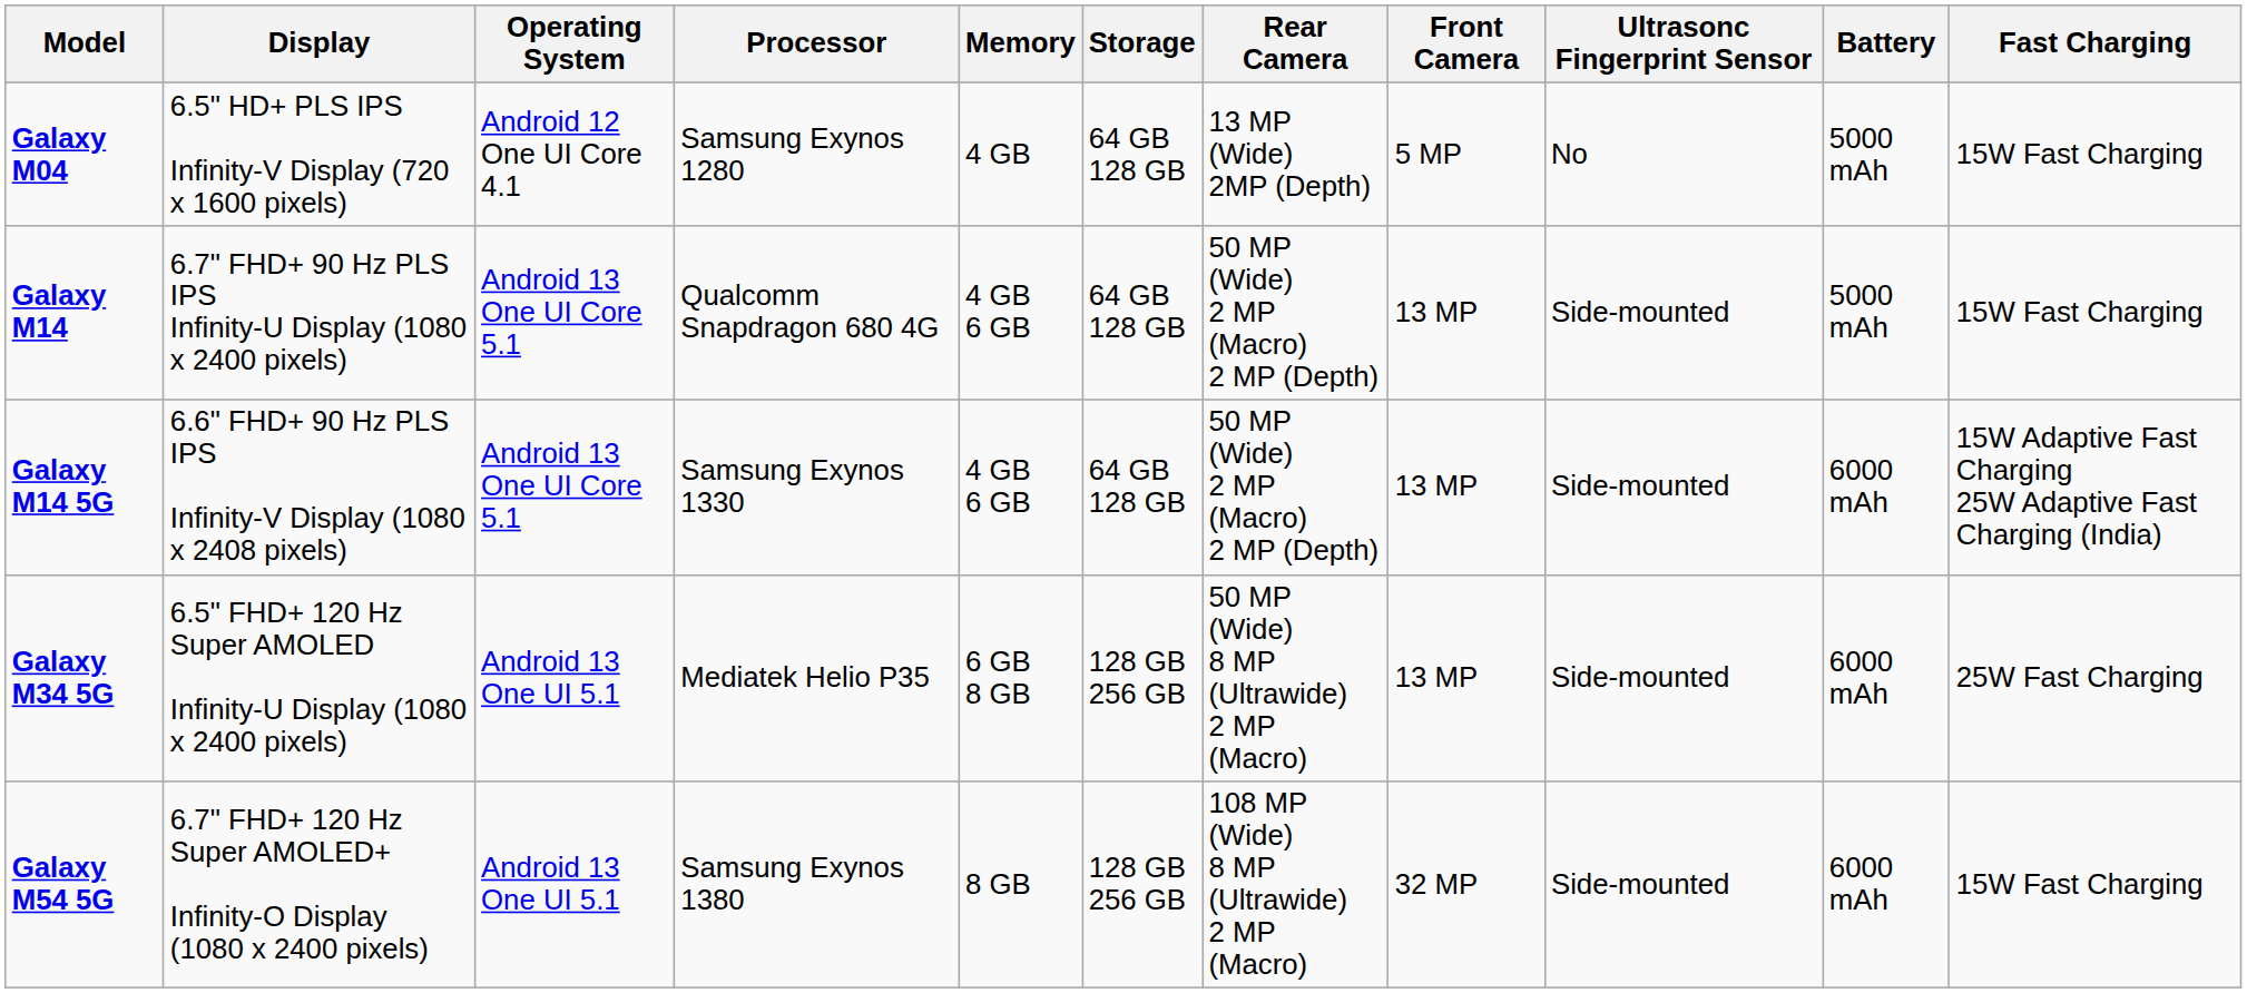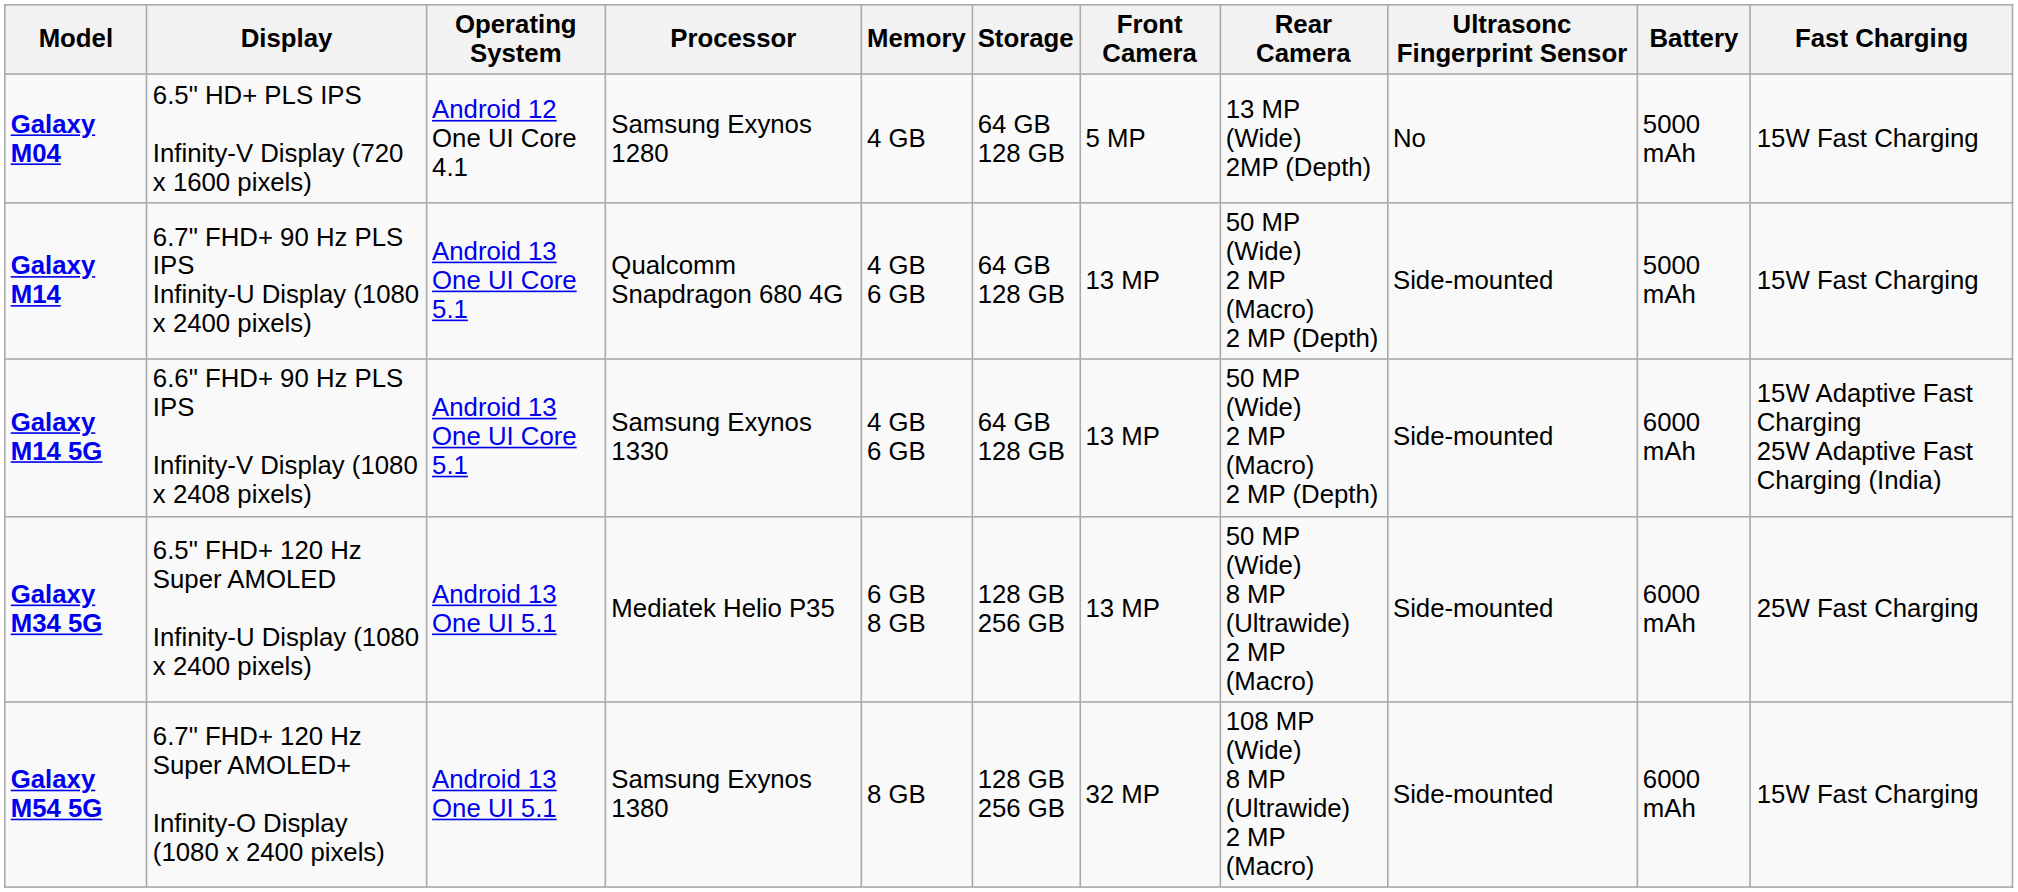 <table class="wikitable" style="margin-bottom: 10px;">
 <tr>
 <th>Model</th>
 <th>Display</th>
 <th>Operating System</th>
 <th>Processor</th>
 <th>Memory</th>
 <th>Storage</th>
+<th>Front Camera</th>
 <th>Rear Camera</th>
-<th>Front Camera</th>
 <th>Ultrasonc Fingerprint Sensor</th>
 <th>Battery</th>
 <th>Fast Charging</th>
 </tr>
 <tr>
 <td><strong><a href='#'>Galaxy M04</a></strong></td>
 <td>6.5" HD+ PLS IPS<br><br>Infinity-V Display (720 x 1600 pixels)</td>
 <td><a href='#'>Android 12</a><br>One UI Core 4.1</td>
 <td>Samsung Exynos 1280</td>
 <td>4 GB</td>
 <td>64 GB<br>128 GB</td>
+<td>5 MP</td>
 <td>13 MP (Wide)<br>2MP (Depth)</td>
-<td>5 MP</td>
 <td>No</td>
 <td>5000 mAh</td>
 <td>15W Fast Charging</td>
 </tr>
 <tr>
 <td><strong><a href='#'>Galaxy M14</a></strong></td>
 <td>6.7" FHD+ 90 Hz PLS IPS<br>Infinity-U Display (1080 x 2400 pixels)</td>
 <td><a href='#'>Android 13</a><br><a href='#'>One UI Core 5.1</a></td>
 <td>Qualcomm Snapdragon 680 4G</td>
 <td>4 GB<br>6 GB</td>
 <td>64 GB<br>128 GB</td>
+<td>13 MP</td>
 <td>50 MP (Wide)<br>2 MP (Macro)<br> 2 MP (Depth)</td>
-<td>13 MP</td>
 <td>Side-mounted</td>
 <td>5000 mAh</td>
 <td>15W Fast Charging</td>
 </tr>
 <tr>
 <td><strong><a href='#'>Galaxy M14 5G</a></strong></td>
 <td>6.6" FHD+ 90 Hz PLS IPS<br><br>Infinity-V Display (1080 x 2408 pixels)</td>
 <td><a href='#'>Android 13</a><br><a href='#'>One UI Core 5.1</a></td>
 <td>Samsung Exynos 1330</td>
 <td>4 GB<br>6 GB</td>
 <td>64 GB<br>128 GB</td>
+<td>13 MP</td>
 <td>50 MP (Wide)<br>2 MP (Macro)<br> 2 MP (Depth)</td>
-<td>13 MP</td>
 <td>Side-mounted</td>
 <td>6000 mAh</td>
 <td>15W Adaptive Fast Charging<br>25W Adaptive Fast Charging (India)</td>
 </tr>
 <tr>
 <td><strong><a href='#'>Galaxy M34 5G</a></strong></td>
 <td>6.5" FHD+ 120 Hz Super AMOLED<br><br>Infinity-U Display (1080 x 2400 pixels)</td>
 <td><a href='#'>Android 13</a><br><a href='#'>One UI 5.1</a></td>
 <td>Mediatek Helio P35</td>
 <td>6 GB<br>8 GB</td>
 <td>128 GB<br>256 GB</td>
+<td>13 MP</td>
 <td>50 MP (Wide)<br>8 MP (Ultrawide)<br> 2 MP (Macro)</td>
-<td>13 MP</td>
 <td>Side-mounted</td>
 <td>6000 mAh</td>
 <td>25W Fast Charging</td>
 </tr>
 <tr>
 <td><strong><a href='#'>Galaxy M54 5G</a></strong></td>
 <td>6.7" FHD+ 120 Hz Super AMOLED+<br><br>Infinity-O Display (1080 x 2400 pixels)</td>
 <td><a href='#'>Android 13</a><br><a href='#'>One UI 5.1</a></td>
 <td>Samsung Exynos 1380</td>
 <td>8 GB</td>
 <td>128 GB<br>256 GB</td>
+<td>32 MP</td>
 <td>108 MP (Wide)<br>8 MP (Ultrawide)<br> 2 MP (Macro)</td>
-<td>32 MP</td>
 <td>Side-mounted</td>
 <td>6000 mAh</td>
 <td>15W Fast Charging</td>
 </tr>
 </table>
